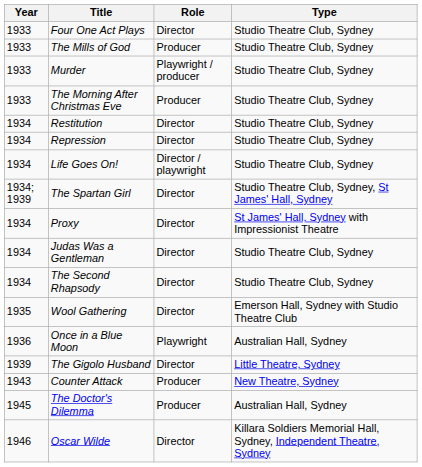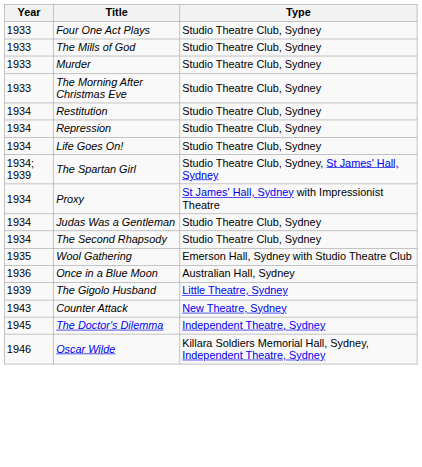 <table class="wikitable">
 <tr>
 <th>Year</th>
 <th>Title</th>
-<th>Role</th>
 <th>Type</th>
 </tr>
 <tr>
 <td>1933</td>
 <td><em>Four One Act Plays</em></td>
-<td>Director</td>
 <td>Studio Theatre Club, Sydney</td>
 </tr>
 <tr>
 <td>1933</td>
 <td><em>The Mills of God</em></td>
-<td>Producer</td>
 <td>Studio Theatre Club, Sydney</td>
 </tr>
 <tr>
 <td>1933</td>
 <td><em>Murder</em></td>
-<td>Playwright / producer</td>
 <td>Studio Theatre Club, Sydney</td>
 </tr>
 <tr>
 <td>1933</td>
 <td><em>The Morning After Christmas Eve</em></td>
-<td>Producer</td>
 <td>Studio Theatre Club, Sydney</td>
 </tr>
 <tr>
 <td>1934</td>
 <td><em>Restitution</em></td>
-<td>Director</td>
 <td>Studio Theatre Club, Sydney</td>
 </tr>
 <tr>
 <td>1934</td>
 <td><em>Repression</em></td>
-<td>Director</td>
 <td>Studio Theatre Club, Sydney</td>
 </tr>
 <tr>
 <td>1934</td>
 <td><em>Life Goes On!</em></td>
-<td>Director / playwright</td>
 <td>Studio Theatre Club, Sydney</td>
 </tr>
 <tr>
 <td>1934; 1939</td>
 <td><em>The Spartan Girl</em></td>
-<td>Director</td>
 <td>Studio Theatre Club, Sydney, <a href='#'>St James' Hall, Sydney</a></td>
 </tr>
 <tr>
 <td>1934</td>
 <td><em>Proxy</em></td>
-<td>Director</td>
 <td><a href='#'>St James' Hall, Sydney</a> with Impressionist Theatre</td>
 </tr>
 <tr>
 <td>1934</td>
 <td><em>Judas Was a Gentleman</em></td>
-<td>Director</td>
 <td>Studio Theatre Club, Sydney</td>
 </tr>
 <tr>
 <td>1934</td>
 <td><em>The Second Rhapsody</em></td>
-<td>Director</td>
 <td>Studio Theatre Club, Sydney</td>
 </tr>
 <tr>
 <td>1935</td>
 <td><em>Wool Gathering</em></td>
-<td>Director</td>
 <td>Emerson Hall, Sydney with Studio Theatre Club</td>
 </tr>
 <tr>
 <td>1936</td>
 <td><em>Once in a Blue Moon</em></td>
-<td>Playwright</td>
 <td>Australian Hall, Sydney</td>
 </tr>
 <tr>
 <td>1939</td>
 <td><em>The Gigolo Husband</em></td>
-<td>Director</td>
 <td><a href='#'>Little Theatre, Sydney</a></td>
 </tr>
 <tr>
 <td>1943</td>
 <td><em>Counter Attack</em></td>
-<td>Producer</td>
 <td><a href='#'>New Theatre, Sydney</a></td>
 </tr>
 <tr>
 <td>1945</td>
 <td><em><a href='#'>The Doctor's Dilemma</a></em></td>
-<td>Producer</td>
-<td>Australian Hall, Sydney</td>
+<td><a href='#'>Independent Theatre, Sydney</a></td>
 </tr>
 <tr>
 <td>1946</td>
 <td><em><a href='#'>Oscar Wilde</a></em></td>
-<td>Director</td>
 <td>Killara Soldiers Memorial Hall, Sydney, <a href='#'>Independent Theatre, Sydney</a></td>
 </tr>
 </table>
